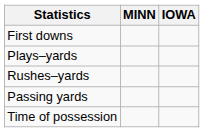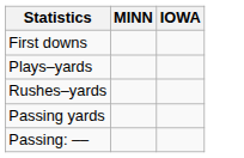 <table class="wikitable" style="float:left">
 <tr>
 <th>Statistics</th>
 <th>MINN</th>
 <th>IOWA</th>
 </tr>
 <tr>
 <td>First downs</td>
 <td></td>
 <td></td>
 </tr>
 <tr>
 <td>Plays–yards</td>
 <td></td>
 <td></td>
 </tr>
 <tr>
 <td>Rushes–yards</td>
 <td></td>
 <td></td>
 </tr>
 <tr>
 <td>Passing yards</td>
 <td></td>
 <td></td>
 </tr>
 <tr>
-<td>Time of possession</td>
+<td>Passing: ––</td>
 <td></td>
 <td></td>
 </tr>
 </table>
